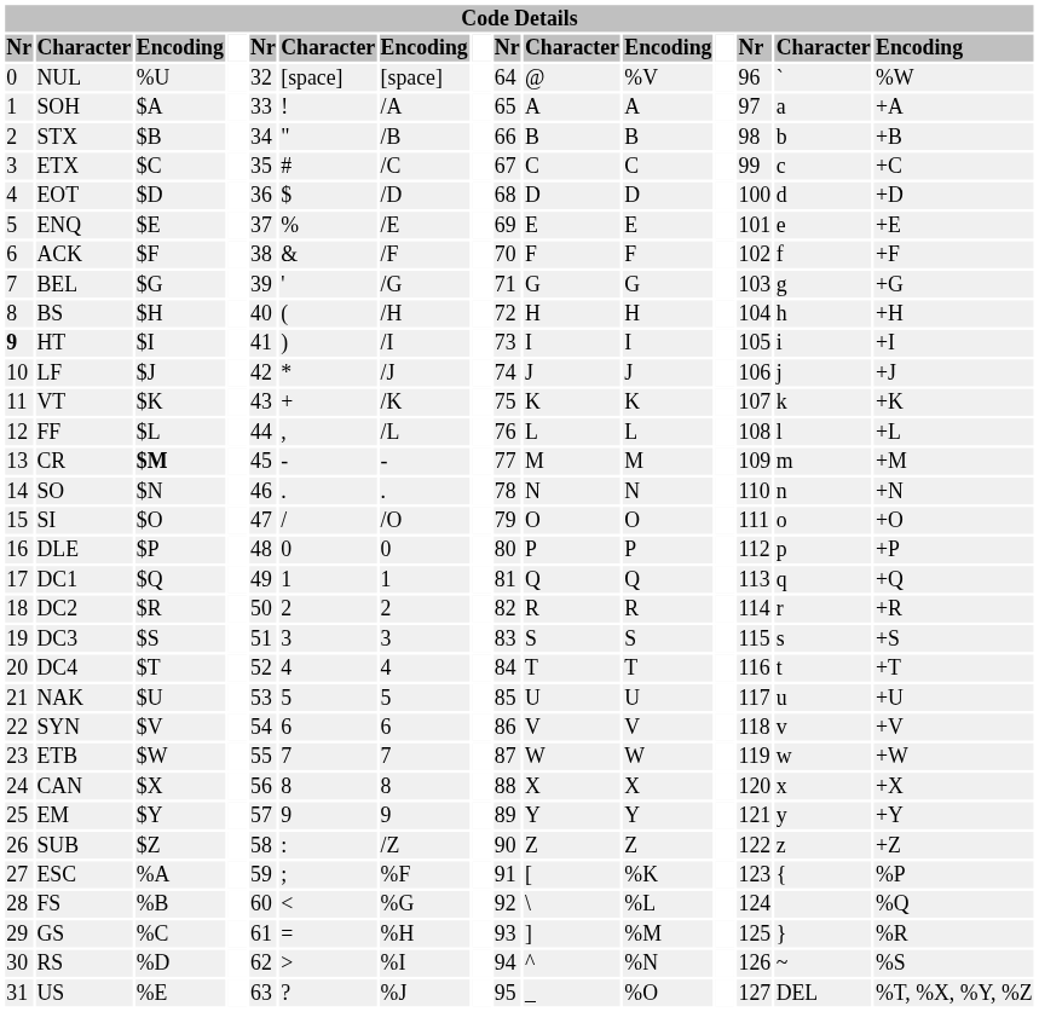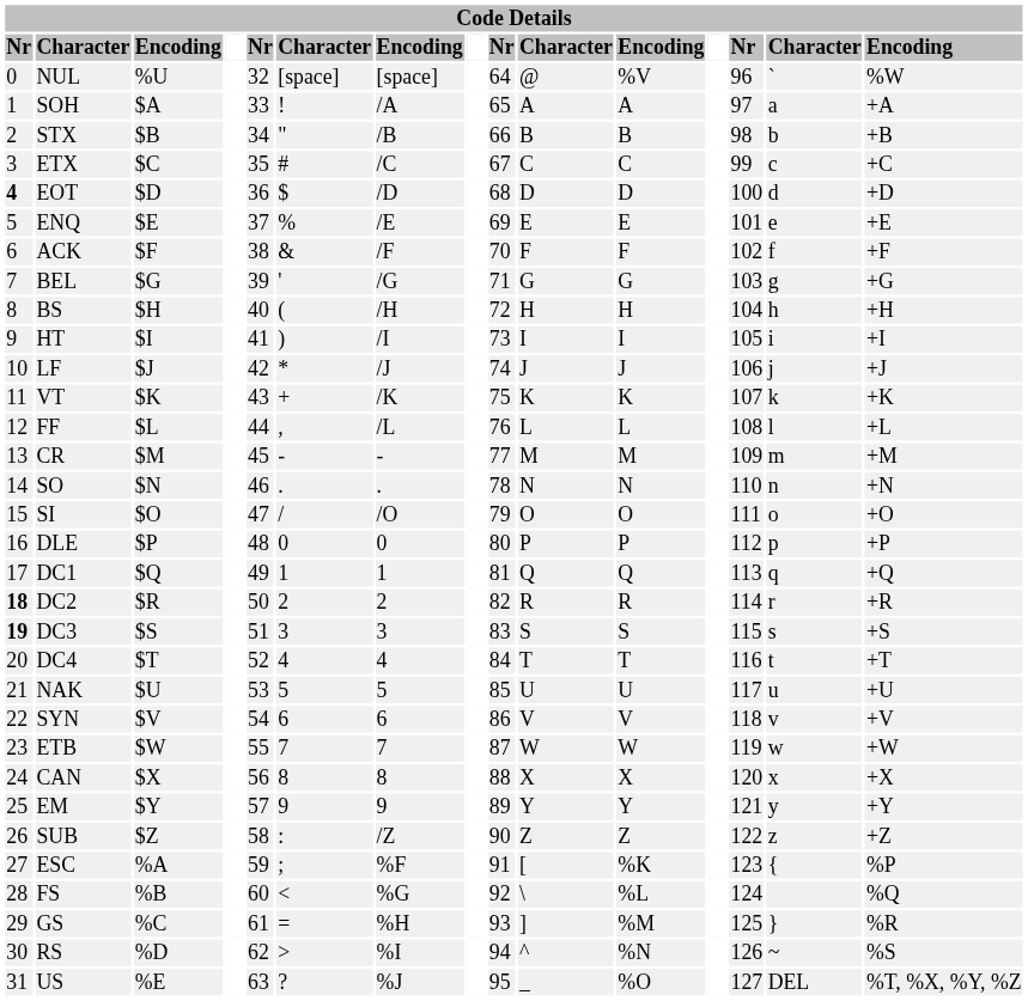 <table>
 <tr style="background:#C0C0C0">
 <td style="text-align:center" colspan="15"><strong>Code Details</strong></td>
 </tr>
 <tr style="background:#C0C0C0">
 <td><strong>Nr</strong></td>
 <td><strong>Character</strong></td>
 <td><strong>Encoding</strong></td>
 <td style="background:#FFFFFF">   </td>
 <td><strong>Nr</strong></td>
 <td><strong>Character</strong></td>
 <td><strong>Encoding</strong></td>
 <td style="background:#FFFFFF">   </td>
 <td><strong>Nr</strong></td>
 <td><strong>Character</strong></td>
 <td><strong>Encoding</strong></td>
 <td style="background:#FFFFFF">   </td>
 <td><strong>Nr</strong></td>
 <td><strong>Character</strong></td>
 <td><strong>Encoding</strong></td>
 </tr>
 <tr style="background:#F0F0F0">
 <td>0</td>
 <td>NUL</td>
 <td>%U</td>
 <td style="background:#FFFFFF">   </td>
 <td>32</td>
 <td>[space]</td>
 <td>[space]</td>
 <td style="background:#FFFFFF">   </td>
 <td>64</td>
 <td>@</td>
 <td>%V</td>
 <td style="background:#FFFFFF">   </td>
 <td>96</td>
 <td>`</td>
 <td>%W</td>
 </tr>
 <tr style="background:#F0F0F0">
 <td>1</td>
 <td>SOH</td>
 <td>$A</td>
 <td style="background:#FFFFFF">   </td>
 <td>33</td>
 <td>!</td>
 <td>/A</td>
 <td style="background:#FFFFFF">   </td>
 <td>65</td>
 <td>A</td>
 <td>A</td>
 <td style="background:#FFFFFF">   </td>
 <td>97</td>
 <td>a</td>
 <td>+A</td>
 </tr>
 <tr style="background:#F0F0F0">
 <td>2</td>
 <td>STX</td>
 <td>$B</td>
 <td style="background:#FFFFFF">   </td>
 <td>34</td>
 <td>"</td>
 <td>/B</td>
 <td style="background:#FFFFFF">   </td>
 <td>66</td>
 <td>B</td>
 <td>B</td>
 <td style="background:#FFFFFF">   </td>
 <td>98</td>
 <td>b</td>
 <td>+B</td>
 </tr>
 <tr style="background:#F0F0F0">
 <td>3</td>
 <td>ETX</td>
 <td>$C</td>
 <td style="background:#FFFFFF">   </td>
 <td>35</td>
 <td>#</td>
 <td>/C</td>
 <td style="background:#FFFFFF">   </td>
 <td>67</td>
 <td>C</td>
 <td>C</td>
 <td style="background:#FFFFFF">   </td>
 <td>99</td>
 <td>c</td>
 <td>+C</td>
 </tr>
 <tr style="background:#F0F0F0">
-<td>4</td>
+<td><strong>4</strong></td>
 <td>EOT</td>
 <td>$D</td>
 <td style="background:#FFFFFF">   </td>
 <td>36</td>
 <td>$</td>
 <td>/D</td>
 <td style="background:#FFFFFF">   </td>
 <td>68</td>
 <td>D</td>
 <td>D</td>
 <td style="background:#FFFFFF">   </td>
 <td>100</td>
 <td>d</td>
 <td>+D</td>
 </tr>
 <tr style="background:#F0F0F0">
 <td>5</td>
 <td>ENQ</td>
 <td>$E</td>
 <td style="background:#FFFFFF">   </td>
 <td>37</td>
 <td>%</td>
 <td>/E</td>
 <td style="background:#FFFFFF">   </td>
 <td>69</td>
 <td>E</td>
 <td>E</td>
 <td style="background:#FFFFFF">   </td>
 <td>101</td>
 <td>e</td>
 <td>+E</td>
 </tr>
 <tr style="background:#F0F0F0">
 <td>6</td>
 <td>ACK</td>
 <td>$F</td>
 <td style="background:#FFFFFF">   </td>
 <td>38</td>
 <td>&</td>
 <td>/F</td>
 <td style="background:#FFFFFF">   </td>
 <td>70</td>
 <td>F</td>
 <td>F</td>
 <td style="background:#FFFFFF">   </td>
 <td>102</td>
 <td>f</td>
 <td>+F</td>
 </tr>
 <tr style="background:#F0F0F0">
 <td>7</td>
 <td>BEL</td>
 <td>$G</td>
 <td style="background:#FFFFFF">   </td>
 <td>39</td>
 <td>'</td>
 <td>/G</td>
 <td style="background:#FFFFFF">   </td>
 <td>71</td>
 <td>G</td>
 <td>G</td>
 <td style="background:#FFFFFF">   </td>
 <td>103</td>
 <td>g</td>
 <td>+G</td>
 </tr>
 <tr style="background:#F0F0F0">
 <td>8</td>
 <td>BS</td>
 <td>$H</td>
 <td style="background:#FFFFFF">   </td>
 <td>40</td>
 <td>(</td>
 <td>/H</td>
 <td style="background:#FFFFFF">   </td>
 <td>72</td>
 <td>H</td>
 <td>H</td>
 <td style="background:#FFFFFF">   </td>
 <td>104</td>
 <td>h</td>
 <td>+H</td>
 </tr>
 <tr style="background:#F0F0F0">
-<td><strong>9</strong></td>
+<td>9</td>
 <td>HT</td>
 <td>$I</td>
 <td style="background:#FFFFFF">   </td>
 <td>41</td>
 <td>)</td>
 <td>/I</td>
 <td style="background:#FFFFFF">   </td>
 <td>73</td>
 <td>I</td>
 <td>I</td>
 <td style="background:#FFFFFF">   </td>
 <td>105</td>
 <td>i</td>
 <td>+I</td>
 </tr>
 <tr style="background:#F0F0F0">
 <td>10</td>
 <td>LF</td>
 <td>$J</td>
 <td style="background:#FFFFFF">   </td>
 <td>42</td>
 <td>*</td>
 <td>/J</td>
 <td style="background:#FFFFFF">   </td>
 <td>74</td>
 <td>J</td>
 <td>J</td>
 <td style="background:#FFFFFF">   </td>
 <td>106</td>
 <td>j</td>
 <td>+J</td>
 </tr>
 <tr style="background:#F0F0F0">
 <td>11</td>
 <td>VT</td>
 <td>$K</td>
 <td style="background:#FFFFFF">   </td>
 <td>43</td>
 <td>+</td>
 <td>/K</td>
 <td style="background:#FFFFFF">   </td>
 <td>75</td>
 <td>K</td>
 <td>K</td>
 <td style="background:#FFFFFF">   </td>
 <td>107</td>
 <td>k</td>
 <td>+K</td>
 </tr>
 <tr style="background:#F0F0F0">
 <td>12</td>
 <td>FF</td>
 <td>$L</td>
 <td style="background:#FFFFFF">   </td>
 <td>44</td>
 <td>,</td>
 <td>/L</td>
 <td style="background:#FFFFFF">   </td>
 <td>76</td>
 <td>L</td>
 <td>L</td>
 <td style="background:#FFFFFF">   </td>
 <td>108</td>
 <td>l</td>
 <td>+L</td>
 </tr>
 <tr style="background:#F0F0F0">
 <td>13</td>
 <td>CR</td>
-<td><strong>$M</strong></td>
+<td>$M</td>
 <td style="background:#FFFFFF">   </td>
 <td>45</td>
 <td>-</td>
 <td>-</td>
 <td style="background:#FFFFFF">   </td>
 <td>77</td>
 <td>M</td>
 <td>M</td>
 <td style="background:#FFFFFF">   </td>
 <td>109</td>
 <td>m</td>
 <td>+M</td>
 </tr>
 <tr style="background:#F0F0F0">
 <td>14</td>
 <td>SO</td>
 <td>$N</td>
 <td style="background:#FFFFFF">   </td>
 <td>46</td>
 <td>.</td>
 <td>.</td>
 <td style="background:#FFFFFF">   </td>
 <td>78</td>
 <td>N</td>
 <td>N</td>
 <td style="background:#FFFFFF">   </td>
 <td>110</td>
 <td>n</td>
 <td>+N</td>
 </tr>
 <tr style="background:#F0F0F0">
 <td>15</td>
 <td>SI</td>
 <td>$O</td>
 <td style="background:#FFFFFF">   </td>
 <td>47</td>
 <td>/</td>
 <td>/O</td>
 <td style="background:#FFFFFF">   </td>
 <td>79</td>
 <td>O</td>
 <td>O</td>
 <td style="background:#FFFFFF">   </td>
 <td>111</td>
 <td>o</td>
 <td>+O</td>
 </tr>
 <tr style="background:#F0F0F0">
 <td>16</td>
 <td>DLE</td>
 <td>$P</td>
 <td style="background:#FFFFFF">   </td>
 <td>48</td>
 <td>0</td>
 <td>0</td>
 <td style="background:#FFFFFF">   </td>
 <td>80</td>
 <td>P</td>
 <td>P</td>
 <td style="background:#FFFFFF">   </td>
 <td>112</td>
 <td>p</td>
 <td>+P</td>
 </tr>
 <tr style="background:#F0F0F0">
 <td>17</td>
 <td>DC1</td>
 <td>$Q</td>
 <td style="background:#FFFFFF">   </td>
 <td>49</td>
 <td>1</td>
 <td>1</td>
 <td style="background:#FFFFFF">   </td>
 <td>81</td>
 <td>Q</td>
 <td>Q</td>
 <td style="background:#FFFFFF">   </td>
 <td>113</td>
 <td>q</td>
 <td>+Q</td>
 </tr>
 <tr style="background:#F0F0F0">
-<td>18</td>
+<td><strong>18</strong></td>
 <td>DC2</td>
 <td>$R</td>
 <td style="background:#FFFFFF">   </td>
 <td>50</td>
 <td>2</td>
 <td>2</td>
 <td style="background:#FFFFFF">   </td>
 <td>82</td>
 <td>R</td>
 <td>R</td>
 <td style="background:#FFFFFF">   </td>
 <td>114</td>
 <td>r</td>
 <td>+R</td>
 </tr>
 <tr style="background:#F0F0F0">
-<td>19</td>
+<td><strong>19</strong></td>
 <td>DC3</td>
 <td>$S</td>
 <td style="background:#FFFFFF">   </td>
 <td>51</td>
 <td>3</td>
 <td>3</td>
 <td style="background:#FFFFFF">   </td>
 <td>83</td>
 <td>S</td>
 <td>S</td>
 <td style="background:#FFFFFF">   </td>
 <td>115</td>
 <td>s</td>
 <td>+S</td>
 </tr>
 <tr style="background:#F0F0F0">
 <td>20</td>
 <td>DC4</td>
 <td>$T</td>
 <td style="background:#FFFFFF">   </td>
 <td>52</td>
 <td>4</td>
 <td>4</td>
 <td style="background:#FFFFFF">   </td>
 <td>84</td>
 <td>T</td>
 <td>T</td>
 <td style="background:#FFFFFF">   </td>
 <td>116</td>
 <td>t</td>
 <td>+T</td>
 </tr>
 <tr style="background:#F0F0F0">
 <td>21</td>
 <td>NAK</td>
 <td>$U</td>
 <td style="background:#FFFFFF">   </td>
 <td>53</td>
 <td>5</td>
 <td>5</td>
 <td style="background:#FFFFFF">   </td>
 <td>85</td>
 <td>U</td>
 <td>U</td>
 <td style="background:#FFFFFF">   </td>
 <td>117</td>
 <td>u</td>
 <td>+U</td>
 </tr>
 <tr style="background:#F0F0F0">
 <td>22</td>
 <td>SYN</td>
 <td>$V</td>
 <td style="background:#FFFFFF">   </td>
 <td>54</td>
 <td>6</td>
 <td>6</td>
 <td style="background:#FFFFFF">   </td>
 <td>86</td>
 <td>V</td>
 <td>V</td>
 <td style="background:#FFFFFF">   </td>
 <td>118</td>
 <td>v</td>
 <td>+V</td>
 </tr>
 <tr style="background:#F0F0F0">
 <td>23</td>
 <td>ETB</td>
 <td>$W</td>
 <td style="background:#FFFFFF">   </td>
 <td>55</td>
 <td>7</td>
 <td>7</td>
 <td style="background:#FFFFFF">   </td>
 <td>87</td>
 <td>W</td>
 <td>W</td>
 <td style="background:#FFFFFF">   </td>
 <td>119</td>
 <td>w</td>
 <td>+W</td>
 </tr>
 <tr style="background:#F0F0F0">
 <td>24</td>
 <td>CAN</td>
 <td>$X</td>
 <td style="background:#FFFFFF">   </td>
 <td>56</td>
 <td>8</td>
 <td>8</td>
 <td style="background:#FFFFFF">   </td>
 <td>88</td>
 <td>X</td>
 <td>X</td>
 <td style="background:#FFFFFF">   </td>
 <td>120</td>
 <td>x</td>
 <td>+X</td>
 </tr>
 <tr style="background:#F0F0F0">
 <td>25</td>
 <td>EM</td>
 <td>$Y</td>
 <td style="background:#FFFFFF">   </td>
 <td>57</td>
 <td>9</td>
 <td>9</td>
 <td style="background:#FFFFFF">   </td>
 <td>89</td>
 <td>Y</td>
 <td>Y</td>
 <td style="background:#FFFFFF">   </td>
 <td>121</td>
 <td>y</td>
 <td>+Y</td>
 </tr>
 <tr style="background:#F0F0F0">
 <td>26</td>
 <td>SUB</td>
 <td>$Z</td>
 <td style="background:#FFFFFF">   </td>
 <td>58</td>
 <td>:</td>
 <td>/Z</td>
 <td style="background:#FFFFFF">   </td>
 <td>90</td>
 <td>Z</td>
 <td>Z</td>
 <td style="background:#FFFFFF">   </td>
 <td>122</td>
 <td>z</td>
 <td>+Z</td>
 </tr>
 <tr style="background:#F0F0F0">
 <td>27</td>
 <td>ESC</td>
 <td>%A</td>
 <td style="background:#FFFFFF">   </td>
 <td>59</td>
 <td>;</td>
 <td>%F</td>
 <td style="background:#FFFFFF">   </td>
 <td>91</td>
 <td>[</td>
 <td>%K</td>
 <td style="background:#FFFFFF">   </td>
 <td>123</td>
 <td>{</td>
 <td>%P</td>
 </tr>
 <tr style="background:#F0F0F0">
 <td>28</td>
 <td>FS</td>
 <td>%B</td>
 <td style="background:#FFFFFF">   </td>
 <td>60</td>
 <td><</td>
 <td>%G</td>
 <td style="background:#FFFFFF">   </td>
 <td>92</td>
 <td>\</td>
 <td>%L</td>
 <td style="background:#FFFFFF">   </td>
 <td>124</td>
 <td></td>
 <td>%Q</td>
 </tr>
 <tr style="background:#F0F0F0">
 <td>29</td>
 <td>GS</td>
 <td>%C</td>
 <td style="background:#FFFFFF">   </td>
 <td>61</td>
 <td>=</td>
 <td>%H</td>
 <td style="background:#FFFFFF">   </td>
 <td>93</td>
 <td>]</td>
 <td>%M</td>
 <td style="background:#FFFFFF">   </td>
 <td>125</td>
 <td>}</td>
 <td>%R</td>
 </tr>
 <tr style="background:#F0F0F0">
 <td>30</td>
 <td>RS</td>
 <td>%D</td>
 <td style="background:#FFFFFF">   </td>
 <td>62</td>
 <td>></td>
 <td>%I</td>
 <td style="background:#FFFFFF">   </td>
 <td>94</td>
 <td>^</td>
 <td>%N</td>
 <td style="background:#FFFFFF">   </td>
 <td>126</td>
 <td>~</td>
 <td>%S</td>
 </tr>
 <tr style="background:#F0F0F0">
 <td>31</td>
 <td>US</td>
 <td>%E</td>
 <td style="background:#FFFFFF">   </td>
 <td>63</td>
 <td>?</td>
 <td>%J</td>
 <td style="background:#FFFFFF">   </td>
 <td>95</td>
 <td>_</td>
 <td>%O</td>
 <td style="background:#FFFFFF">   </td>
 <td>127</td>
 <td>DEL</td>
 <td>%T, %X, %Y, %Z</td>
 </tr>
 </table>
